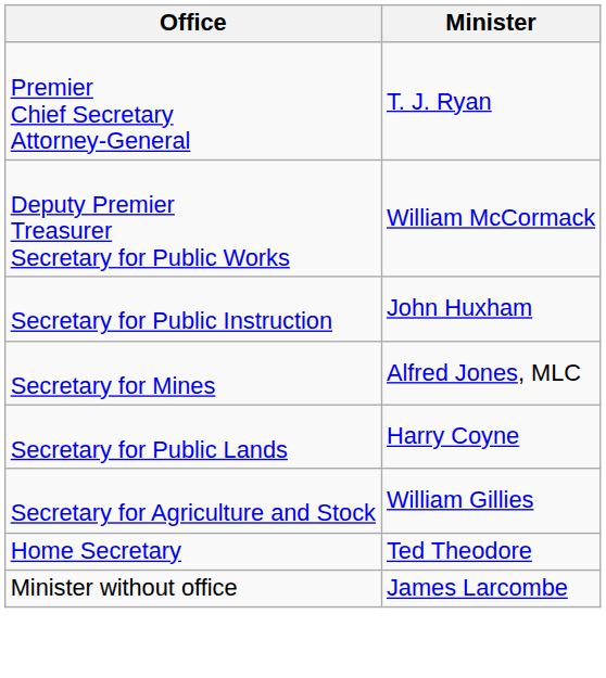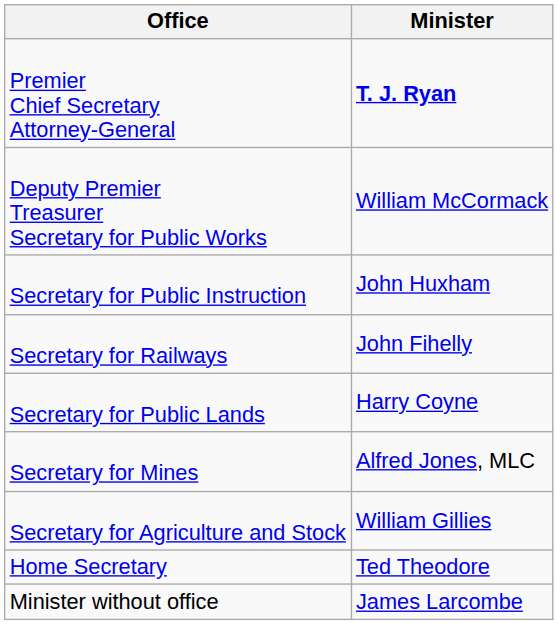 <table class="wikitable">
 <tr>
 <th>Office</th>
 <th>Minister</th>
 </tr>
 <tr>
 <td><br><a href='#'>Premier</a><br> <a href='#'>Chief Secretary</a><br> <a href='#'>Attorney-General</a><br></td>
-<td><a href='#'>T. J. Ryan</a></td>
+<td><strong><a href='#'>T. J. Ryan</a></strong></td>
 </tr>
 <tr>
 <td><br><a href='#'>Deputy Premier</a><br> <a href='#'>Treasurer</a><br> <a href='#'>Secretary for Public Works</a></td>
 <td><a href='#'>William McCormack</a></td>
 </tr>
 <tr>
 <td><br><a href='#'>Secretary for Public Instruction</a></td>
 <td><a href='#'>John Huxham</a></td>
 </tr>
 <tr>
-<td><br><a href='#'>Secretary for Mines</a></td>
-<td><a href='#'>Alfred Jones</a>, MLC</td>
+<td><br><a href='#'>Secretary for Railways</a></td>
+<td><a href='#'>John Fihelly</a></td>
 </tr>
 <tr>
 <td><br><a href='#'>Secretary for Public Lands</a></td>
 <td><a href='#'>Harry Coyne</a></td>
+</tr>
+<tr>
+<td><br><a href='#'>Secretary for Mines</a></td>
+<td><a href='#'>Alfred Jones</a>, MLC</td>
 </tr>
 <tr>
 <td><br><a href='#'>Secretary for Agriculture and Stock</a></td>
 <td><a href='#'>William Gillies</a></td>
 </tr>
 <tr>
 <td><a href='#'>Home Secretary</a></td>
 <td><a href='#'>Ted Theodore</a></td>
 </tr>
 <tr>
 <td>Minister without office</td>
 <td><a href='#'>James Larcombe</a></td>
 </tr>
 </table>
